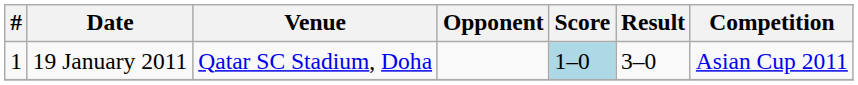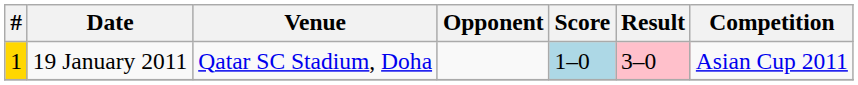 <table class="wikitable">
 <tr>
 <th>#</th>
 <th>Date</th>
 <th>Venue</th>
 <th>Opponent</th>
 <th>Score</th>
 <th>Result</th>
 <th>Competition</th>
 </tr>
 <tr>
-<td>1</td>
+<td style="background: gold;">1</td>
 <td>19 January 2011</td>
 <td><a href='#'>Qatar SC Stadium</a>, <a href='#'>Doha</a></td>
 <td></td>
 <td style="background: lightblue;">1–0</td>
-<td>3–0</td>
+<td style="background: pink;">3–0</td>
 <td><a href='#'>Asian Cup 2011</a></td>
 </tr>
 <tr>
 </tr>
 </table>
